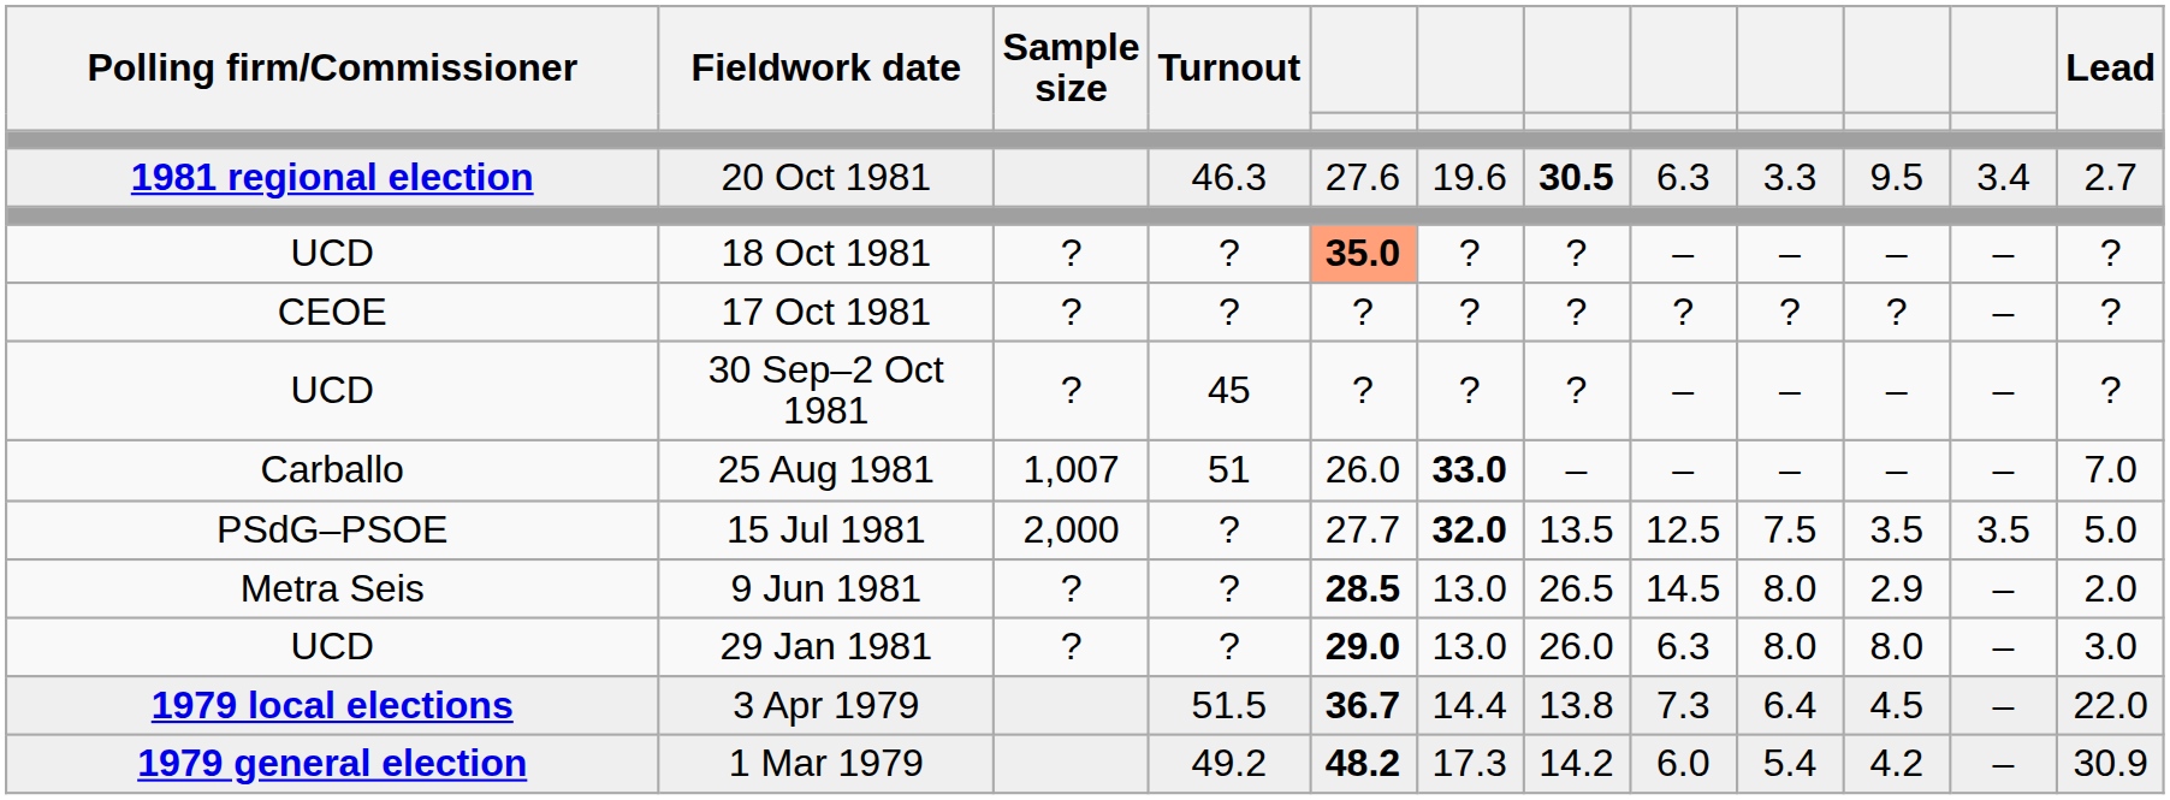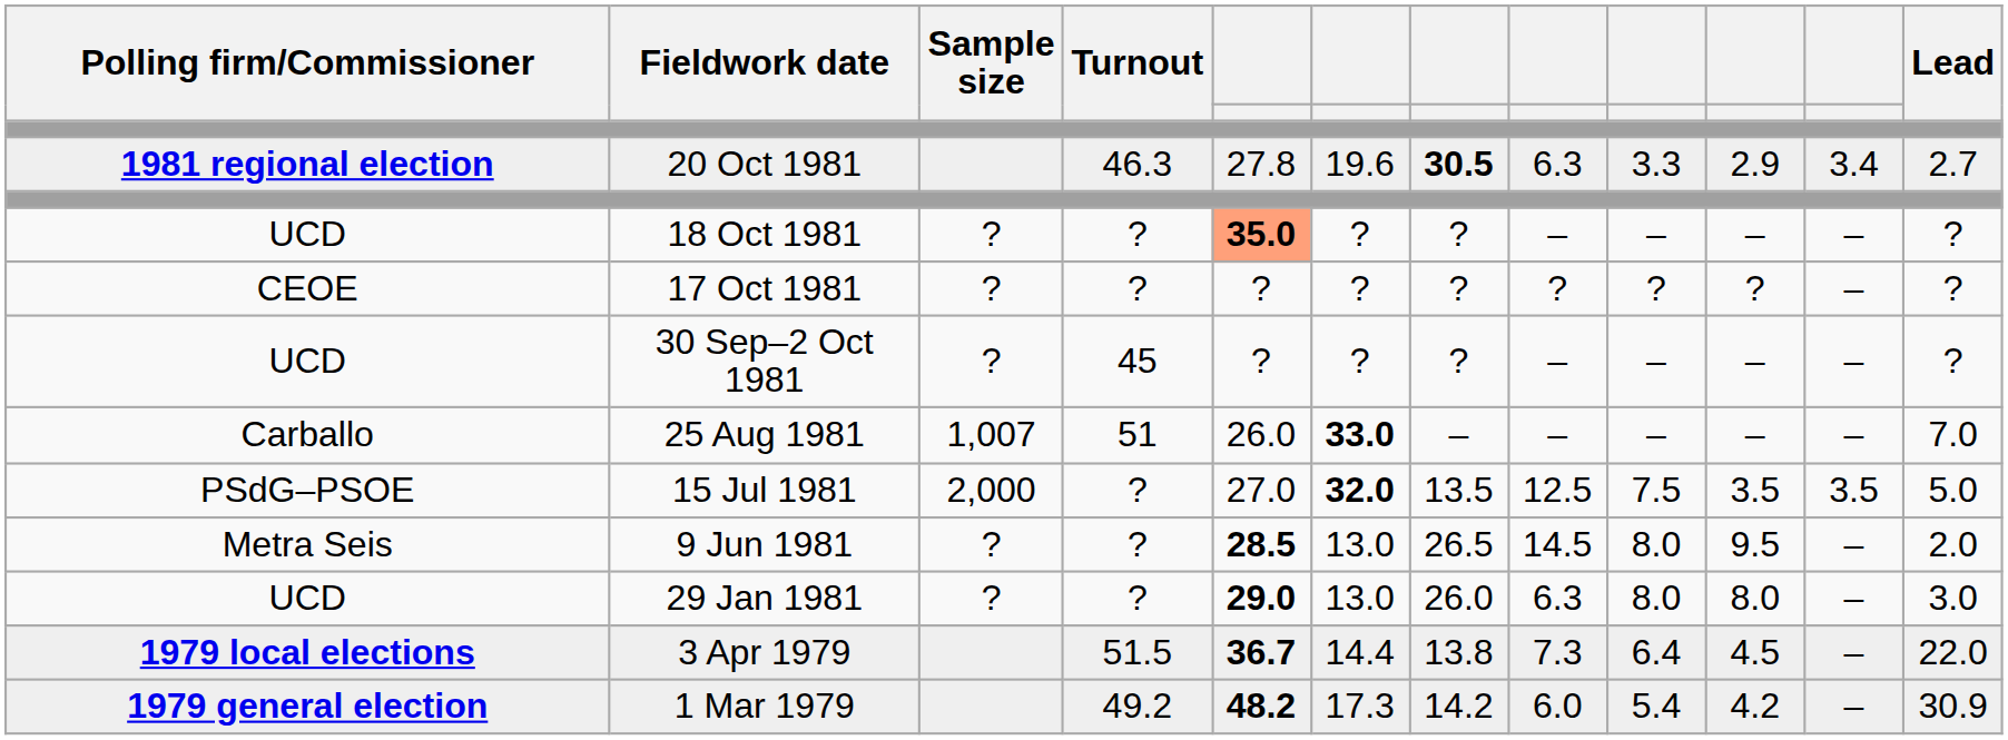 <table class="wikitable collapsible collapsed" style="text-align:center; font-size:95%; line-height:16px;">
 <tr style="height:42px;">
 <th style="width:250px;" rowspan="2">Polling firm/Commissioner</th>
 <th style="width:125px;" rowspan="2">Fieldwork date</th>
 <th style="width:50px;" rowspan="2">Sample size</th>
 <th style="width:45px;" rowspan="2">Turnout</th>
 <th style="width:35px;"></th>
 <th style="width:35px;"></th>
 <th style="width:35px;"></th>
 <th style="width:35px;"></th>
 <th style="width:35px;"></th>
 <th style="width:35px;"></th>
 <th style="width:35px;"></th>
 <th style="width:30px;" rowspan="2">Lead</th>
 </tr>
 <tr>
 <th style="color:inherit;background:"></th>
 <th style="color:inherit;background:"></th>
 <th style="color:inherit;background:"></th>
 <th style="color:inherit;background:"></th>
 <th style="color:inherit;background:"></th>
 <th style="color:inherit;background:"></th>
 <th style="color:inherit;background:"></th>
 </tr>
 <tr>
 <td colspan="12" style="background:#A0A0A0"></td>
 </tr>
 <tr style="background:#EFEFEF;">
 <td><strong><a href='#'>1981 regional election</a></strong></td>
 <td>20 Oct 1981</td>
 <td></td>
 <td>46.3</td>
-<td>27.6<br></td>
+<td>27.8<br></td>
 <td>19.6<br></td>
 <td><strong>30.5</strong><br></td>
 <td>6.3<br></td>
 <td>3.3<br></td>
-<td>9.5</td>
+<td>2.9<br></td>
 <td>3.4<br></td>
 <td style="background:">2.7</td>
 </tr>
 <tr>
 <td colspan="12" style="background:#A0A0A0"></td>
 </tr>
 <tr>
 <td>UCD</td>
 <td>18 Oct 1981</td>
 <td>?</td>
 <td>?</td>
 <td style="background: lightsalmon;"><strong>35.0</strong><br></td>
 <td>?<br></td>
 <td>?<br></td>
 <td>–</td>
 <td>–</td>
 <td>–</td>
 <td>–</td>
 <td style="background:">?</td>
 </tr>
 <tr>
 <td>CEOE</td>
 <td>17 Oct 1981</td>
 <td>?</td>
 <td>?</td>
 <td>?<br></td>
 <td>?<br></td>
 <td>?<br></td>
 <td>?<br></td>
 <td>?<br></td>
 <td>?<br></td>
 <td>–</td>
 <td style="background:">?</td>
 </tr>
 <tr>
 <td>UCD</td>
 <td>30 Sep–2 Oct 1981</td>
 <td>?</td>
 <td>45</td>
 <td>?<br></td>
 <td>?<br></td>
 <td>?<br></td>
 <td>–</td>
 <td>–</td>
 <td>–</td>
 <td>–</td>
 <td style="background:">?</td>
 </tr>
 <tr>
 <td>Carballo</td>
 <td>25 Aug 1981</td>
 <td>1,007</td>
 <td>51</td>
 <td>26.0</td>
 <td><strong>33.0</strong></td>
 <td>–</td>
 <td>–</td>
 <td>–</td>
 <td>–</td>
 <td>–</td>
 <td style="background:">7.0</td>
 </tr>
 <tr>
 <td>PSdG–PSOE</td>
 <td>15 Jul 1981</td>
 <td>2,000</td>
 <td>?</td>
-<td>27.7</td>
+<td>27.0</td>
 <td><strong>32.0</strong></td>
 <td>13.5</td>
 <td>12.5</td>
 <td>7.5</td>
 <td>3.5</td>
 <td>3.5</td>
 <td style="background:">5.0</td>
 </tr>
 <tr>
 <td>Metra Seis</td>
 <td>9 Jun 1981</td>
 <td>?</td>
 <td>?</td>
 <td><strong>28.5</strong></td>
 <td>13.0</td>
 <td>26.5</td>
 <td>14.5</td>
 <td>8.0</td>
-<td>2.9<br></td>
+<td>9.5</td>
 <td>–</td>
 <td style="background:">2.0</td>
 </tr>
 <tr>
 <td>UCD</td>
 <td>29 Jan 1981</td>
 <td>?</td>
 <td>?</td>
 <td><strong>29.0</strong></td>
 <td>13.0</td>
 <td>26.0</td>
 <td>6.3<br></td>
 <td>8.0</td>
 <td>8.0</td>
 <td>–</td>
 <td style="background:">3.0</td>
 </tr>
 <tr style="background:#EFEFEF;">
 <td><strong><a href='#'>1979 local elections</a></strong></td>
 <td>3 Apr 1979</td>
 <td></td>
 <td>51.5</td>
 <td><strong>36.7</strong></td>
 <td>14.4</td>
 <td>13.8</td>
 <td>7.3</td>
 <td>6.4</td>
 <td>4.5</td>
 <td>–</td>
 <td style="background:">22.0</td>
 </tr>
 <tr style="background:#EFEFEF;">
 <td><strong><a href='#'>1979 general election</a></strong></td>
 <td>1 Mar 1979</td>
 <td></td>
 <td>49.2</td>
 <td><strong>48.2</strong><br></td>
 <td>17.3<br></td>
 <td>14.2<br></td>
 <td>6.0<br></td>
 <td>5.4<br></td>
 <td>4.2<br></td>
 <td>–</td>
 <td style="background:">30.9</td>
 </tr>
 </table>
